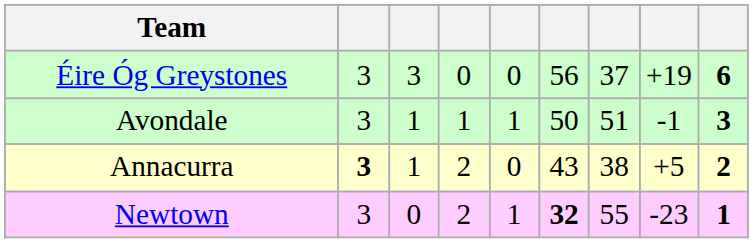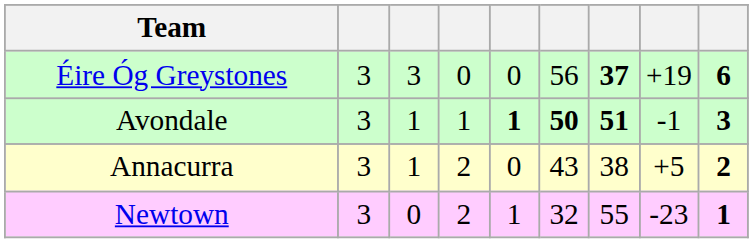 <table class="wikitable" style="text-align:center">
 <tr>
 <th style="width:175px;">Team</th>
 <th width="20"></th>
 <th width="20"></th>
 <th width="20"></th>
 <th width="20"></th>
 <th width="20"></th>
 <th width="20"></th>
 <th width="20"></th>
 <th width="20"></th>
 </tr>
 <tr style="background:#cfc;">
 <td><a href='#'>Éire Óg Greystones</a></td>
 <td>3</td>
 <td>3</td>
 <td>0</td>
 <td>0</td>
 <td>56</td>
-<td>37</td>
+<td><strong>37</strong></td>
 <td>+19</td>
 <td><strong>6</strong></td>
 </tr>
 <tr style="background:#cfc;">
 <td>Avondale</td>
 <td>3</td>
 <td>1</td>
 <td>1</td>
-<td>1</td>
-<td>50</td>
-<td>51</td>
+<td><strong>1</strong></td>
+<td><strong>50</strong></td>
+<td><strong>51</strong></td>
 <td>-1</td>
 <td><strong>3</strong></td>
 </tr>
 <tr style="background:#ffffcc;">
 <td>Annacurra</td>
-<td><strong>3</strong></td>
+<td>3</td>
 <td>1</td>
 <td>2</td>
 <td>0</td>
 <td>43</td>
 <td>38</td>
 <td>+5</td>
 <td><strong>2</strong></td>
 </tr>
 <tr style="background:#fcf;">
 <td><a href='#'>Newtown</a></td>
 <td>3</td>
 <td>0</td>
 <td>2</td>
 <td>1</td>
-<td><strong>32</strong></td>
+<td>32</td>
 <td>55</td>
 <td>-23</td>
 <td><strong>1</strong></td>
 </tr>
 </table>
